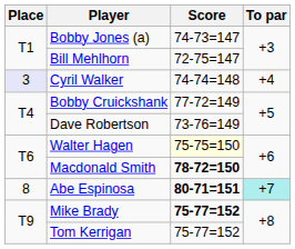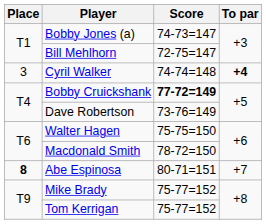 <table class=wikitable>
 <tr>
 <th>Place</th>
 <th>Player</th>
 <th>Score</th>
 <th>To par</th>
 </tr>
 <tr>
 <td rowspan=2 align=center>T1</td>
 <td> <a href='#'>Bobby Jones</a> (a)</td>
 <td>74-73=147</td>
 <td rowspan=2 align=center>+3</td>
 </tr>
 <tr>
 <td> <a href='#'>Bill Mehlhorn</a></td>
 <td>72-75=147</td>
 </tr>
 <tr>
-<td align=center style="background: lavender;">3</td>
+<td align=center>3</td>
 <td> <a href='#'>Cyril Walker</a></td>
 <td>74-74=148</td>
-<td align=center>+4</td>
+<td align=center><strong>+4</strong></td>
 </tr>
 <tr>
 <td rowspan=2 align=center>T4</td>
 <td> <a href='#'>Bobby Cruickshank</a></td>
-<td>77-72=149</td>
+<td><strong>77-72=149</strong></td>
 <td rowspan=2 align=center>+5</td>
 </tr>
 <tr>
 <td> Dave Robertson</td>
 <td>73-76=149</td>
 </tr>
 <tr>
 <td rowspan=2 align=center>T6</td>
 <td> <a href='#'>Walter Hagen</a></td>
-<td style="background: lightyellow;">75-75=150</td>
+<td>75-75=150</td>
 <td rowspan=2 align=center>+6</td>
 </tr>
 <tr>
 <td> <a href='#'>Macdonald Smith</a></td>
-<td><strong>78-72=150</strong></td>
+<td>78-72=150</td>
 </tr>
 <tr>
-<td align=center>8</td>
+<td align=center><strong>8</strong></td>
 <td> <a href='#'>Abe Espinosa</a></td>
-<td><strong>80-71=151</strong></td>
-<td align=center style="background: paleturquoise;">+7</td>
+<td>80-71=151</td>
+<td align=center>+7</td>
 </tr>
 <tr>
 <td rowspan=2 align=center>T9</td>
 <td> <a href='#'>Mike Brady</a></td>
-<td><strong>75-77=152</strong></td>
+<td>75-77=152</td>
 <td rowspan=2 align=center>+8</td>
 </tr>
 <tr>
 <td> <a href='#'>Tom Kerrigan</a></td>
 <td>75-77=152</td>
 </tr>
 </table>
